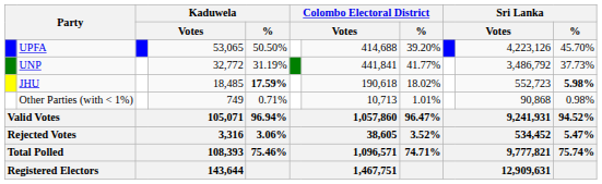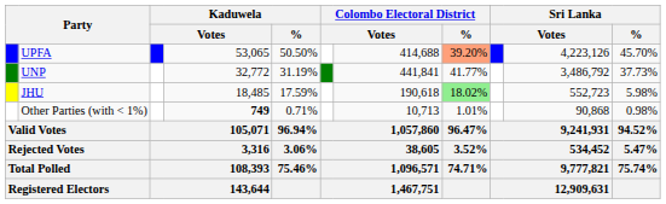 <table class="wikitable">
 <tr>
 <th colspan="2" width="144px"rowspan="2">Party</th>
 <th colspan="3" width="216px">Kaduwela</th>
 <th colspan="3" width="216px"><a href='#'>Colombo Electoral District</a></th>
 <th colspan="3" width="216px">Sri Lanka</th>
 </tr>
 <tr>
 <th colspan="2" width="144px">Votes</th>
 <th>%</th>
 <th colspan="2" width="144px">Votes</th>
 <th>%</th>
 <th colspan="2" width="144px">Votes</th>
 <th>%</th>
 </tr>
 <tr>
 <td style="background-color:blue;" width="10px"></td>
 <td style="text-align:left;"><a href='#'>UPFA</a></td>
 <td style="background-color:blue;" width="10px"></td>
 <td style="text-align:right;">53,065</td>
 <td style="text-align:right;">50.50%</td>
 <td style="background-color:white;" width="10px"></td>
 <td style="text-align:right;">414,688</td>
-<td style="text-align:right;">39.20%</td>
+<td style="background: lightsalmon; text-align:right;">39.20%</td>
 <td style="background-color:blue;" width="10px"></td>
 <td style="text-align:right;">4,223,126</td>
 <td style="text-align:right;">45.70%</td>
 </tr>
 <tr>
 <td style="background-color:green;" width="10px"></td>
 <td style="text-align:left;"><a href='#'>UNP</a></td>
 <td style="background-color:white;" width="10px"></td>
 <td style="text-align:right;">32,772</td>
 <td style="text-align:right;">31.19%</td>
 <td style="background-color:green;" width="10px"></td>
 <td style="text-align:right;">441,841</td>
 <td style="text-align:right;">41.77%</td>
 <td style="background-color:white;" width="10px"></td>
 <td style="text-align:right;">3,486,792</td>
 <td style="text-align:right;">37.73%</td>
 </tr>
 <tr>
 <td style="background-color:yellow;" width="10px"></td>
 <td style="text-align:left;"><a href='#'>JHU</a></td>
 <td style="background-color:white;" width="10px"></td>
 <td style="text-align:right;">18,485</td>
-<td style="text-align:right;"><strong>17.59%</strong></td>
+<td style="text-align:right;">17.59%</td>
 <td style="background-color:white;" width="10px"></td>
 <td style="text-align:right;">190,618</td>
-<td style="text-align:right;">18.02%</td>
+<td style="background: lightgreen; text-align:right;">18.02%</td>
 <td style="background-color:white;" width="10px"></td>
 <td style="text-align:right;">552,723</td>
-<td style="text-align:right;"><strong>5.98%</strong></td>
+<td style="text-align:right;">5.98%</td>
 </tr>
 <tr>
 <td style="background-color:white;" width="10px"></td>
 <td style="text-align:left;">Other Parties (with < 1%)</td>
 <td style="background-color:white;" width="10px"></td>
-<td style="text-align:right;">749</td>
+<td style="text-align:right;"><strong>749</strong></td>
 <td style="text-align:right;">0.71%</td>
 <td style="background-color:white;" width="10px"></td>
 <td style="text-align:right;">10,713</td>
 <td style="text-align:right;">1.01%</td>
 <td style="background-color:white;" width="10px"></td>
 <td style="text-align:right;">90,868</td>
 <td style="text-align:right;">0.98%</td>
 </tr>
 <tr>
 <th colspan="2" width="144px"style="text-align:left;">Valid Votes</th>
 <th style="text-align:right;"colspan="2" width="144px">105,071</th>
 <th style="text-align:right;">96.94%</th>
 <th style="text-align:right;"colspan="2" width="144px">1,057,860</th>
 <th style="text-align:right;">96.47%</th>
 <th style="text-align:right;"colspan="2" width="144px">9,241,931</th>
 <th style="text-align:right;">94.52%</th>
 </tr>
 <tr>
 <th colspan="2" width="144px"style="text-align:left;">Rejected Votes</th>
 <th style="text-align:right;"colspan="2" width="144px">3,316</th>
 <th style="text-align:right;">3.06%</th>
 <th style="text-align:right;"colspan="2" width="144px">38,605</th>
 <th style="text-align:right;">3.52%</th>
 <th style="text-align:right;"colspan="2" width="144px">534,452</th>
 <th style="text-align:right;">5.47%</th>
 </tr>
 <tr>
 <th colspan="2" width="144px"style="text-align:left;">Total Polled</th>
 <th style="text-align:right;"colspan="2" width="144px">108,393</th>
 <th style="text-align:right;">75.46%</th>
 <th style="text-align:right;"colspan="2" width="144px">1,096,571</th>
 <th style="text-align:right;">74.71%</th>
 <th style="text-align:right;"colspan="2" width="144px">9,777,821</th>
 <th style="text-align:right;">75.74%</th>
 </tr>
 <tr>
 <th colspan="2" width="144px"style="text-align:left;">Registered Electors</th>
 <th style="text-align:right;"colspan="2" width="144px">143,644</th>
 <th></th>
 <th style="text-align:right;"colspan="2" width="144px">1,467,751</th>
 <th></th>
 <th style="text-align:right;"colspan="2" width="144px">12,909,631</th>
 <th></th>
 </tr>
 </table>
